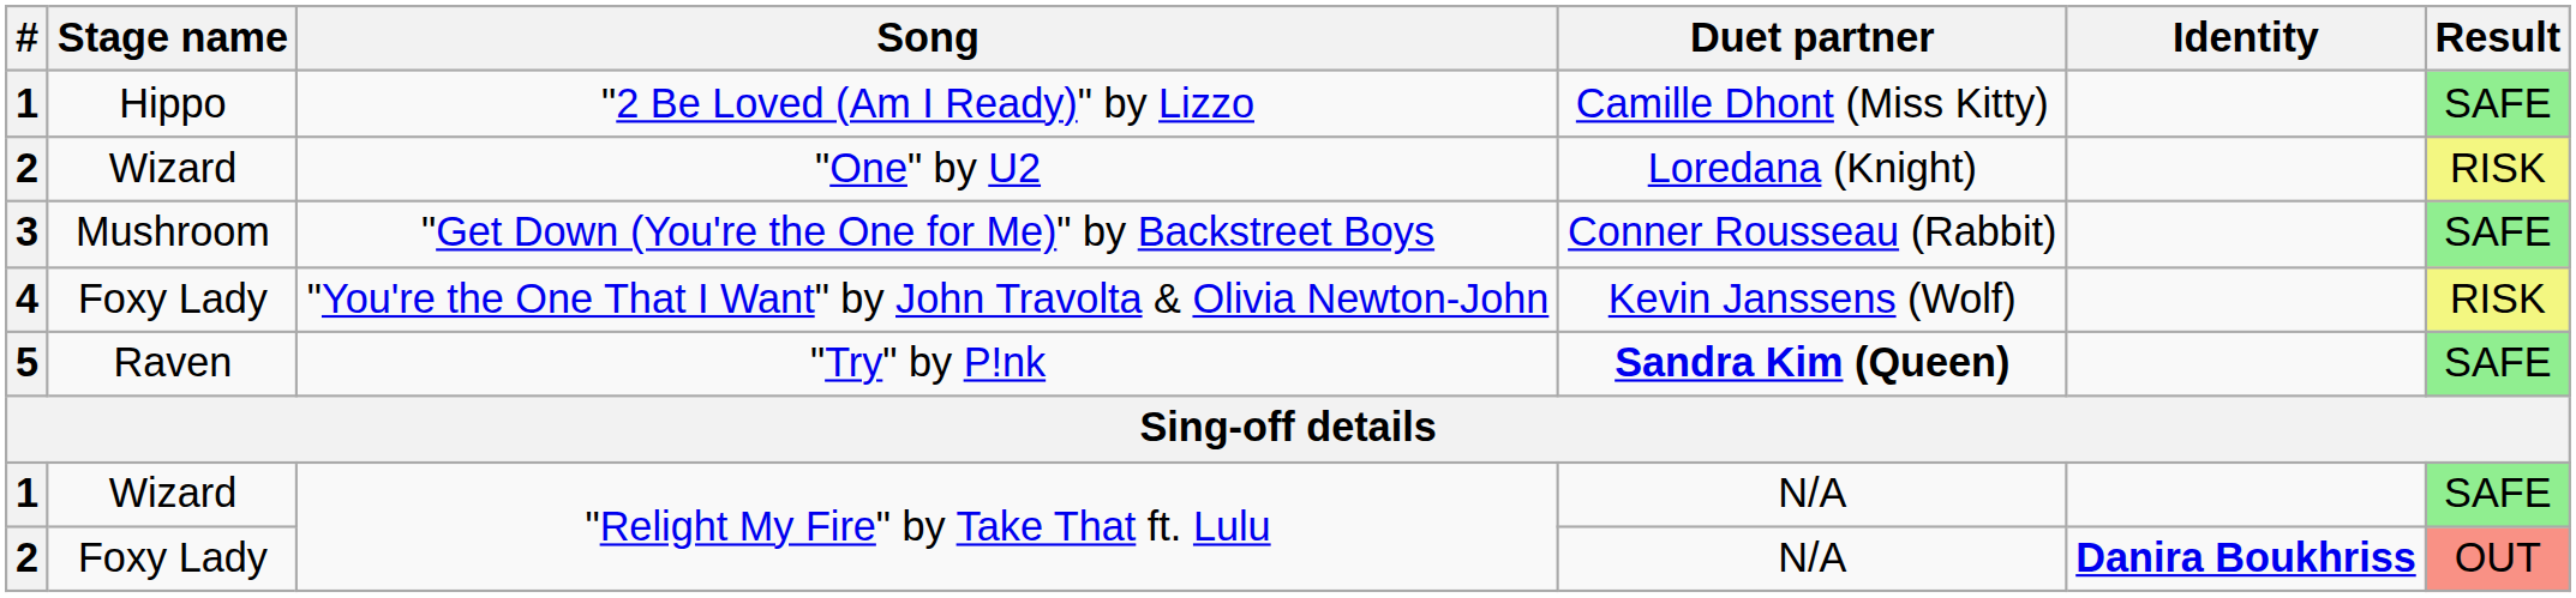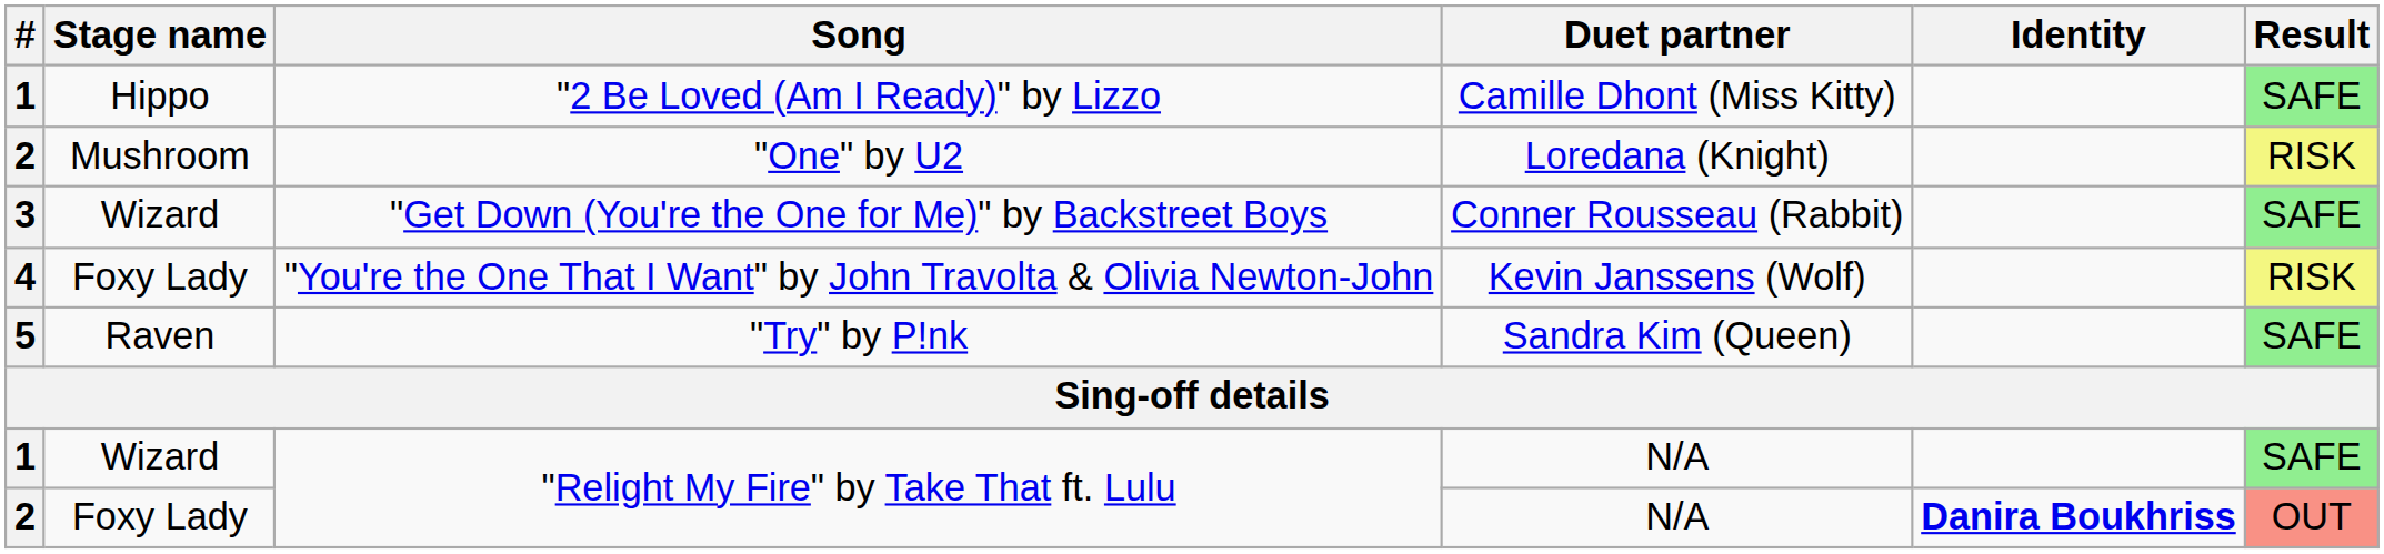 <table class="wikitable plainrowheaders" style="text-align: center;">
 <tr>
 <th>#</th>
 <th>Stage name</th>
 <th>Song</th>
 <th>Duet partner</th>
 <th>Identity</th>
 <th>Result</th>
 </tr>
 <tr>
 <th>1</th>
 <td>Hippo</td>
 <td>"<a href='#'>2 Be Loved (Am I Ready)</a>" by <a href='#'>Lizzo</a></td>
 <td><a href='#'>Camille Dhont</a> (Miss Kitty)</td>
 <td></td>
 <td bgcolor=lightgreen>SAFE</td>
 </tr>
 <tr>
 <th>2</th>
-<td>Wizard</td>
+<td>Mushroom</td>
 <td>"<a href='#'>One</a>" by <a href='#'>U2</a></td>
 <td><a href='#'>Loredana</a> (Knight)</td>
 <td></td>
 <td bgcolor=#F3F781>RISK</td>
 </tr>
 <tr>
 <th>3</th>
-<td>Mushroom</td>
+<td>Wizard</td>
 <td>"<a href='#'>Get Down (You're the One for Me)</a>" by <a href='#'>Backstreet Boys</a></td>
 <td><a href='#'>Conner Rousseau</a> (Rabbit)</td>
 <td></td>
 <td bgcolor=lightgreen>SAFE</td>
 </tr>
 <tr>
 <th>4</th>
 <td>Foxy Lady</td>
 <td>"<a href='#'>You're the One That I Want</a>" by <a href='#'>John Travolta</a> & <a href='#'>Olivia Newton-John</a></td>
 <td><a href='#'>Kevin Janssens</a> (Wolf)</td>
 <td></td>
 <td bgcolor=#F3F781>RISK</td>
 </tr>
 <tr>
 <th>5</th>
 <td>Raven</td>
 <td>"<a href='#'>Try</a>" by <a href='#'>P!nk</a></td>
-<td><strong><a href='#'>Sandra Kim</a> (Queen)</strong></td>
+<td><a href='#'>Sandra Kim</a> (Queen)</td>
 <td></td>
 <td bgcolor=lightgreen>SAFE</td>
 </tr>
 <tr>
 <th colspan="6">Sing-off details</th>
 </tr>
 <tr>
 <th>1</th>
 <td>Wizard</td>
 <td rowspan="3">"<a href='#'>Relight My Fire</a>" by <a href='#'>Take That</a> ft. <a href='#'>Lulu</a></td>
 <td>N/A</td>
 <td></td>
 <td bgcolor=lightgreen>SAFE</td>
 </tr>
 <tr>
 <th>2</th>
 <td>Foxy Lady</td>
 <td>N/A</td>
 <td><strong><a href='#'>Danira Boukhriss</a></strong></td>
 <td bgcolor="#F99185">OUT</td>
 </tr>
 </table>
